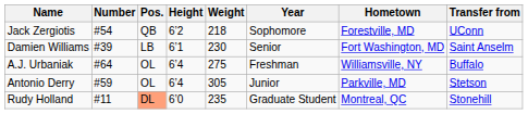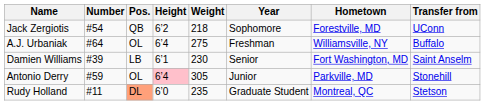 <table class="wikitable sortable">
 <tr>
 <th style="text-align:center; ">Name</th>
 <th style="text-align:center; ">Number</th>
 <th style="text-align:center; ">Pos.</th>
 <th style="text-align:center; ">Height</th>
 <th style="text-align:center; ">Weight</th>
 <th style="text-align:center; ">Year</th>
 <th style="text-align:center; ">Hometown</th>
 <th style="text-align:center; ">Transfer from</th>
 </tr>
 <tr>
 <td>Jack Zergiotis</td>
 <td>#54</td>
 <td>QB</td>
 <td>6’2</td>
 <td>218</td>
 <td>Sophomore</td>
 <td><a href='#'>Forestville, MD</a></td>
 <td><a href='#'>UConn</a></td>
 </tr>
 <tr>
+<td>A.J. Urbaniak</td>
+<td>#64</td>
+<td>OL</td>
+<td>6’4</td>
+<td>275</td>
+<td> Freshman</td>
+<td><a href='#'>Williamsville, NY</a></td>
+<td><a href='#'>Buffalo</a></td>
+</tr>
+<tr>
 <td>Damien Williams</td>
 <td>#39</td>
 <td>LB</td>
 <td>6’1</td>
 <td>230</td>
 <td>Senior</td>
 <td><a href='#'>Fort Washington, MD</a></td>
 <td><a href='#'>Saint Anselm</a></td>
 </tr>
 <tr>
-<td>A.J. Urbaniak</td>
-<td>#64</td>
-<td>OL</td>
-<td>6’4</td>
-<td>275</td>
-<td> Freshman</td>
-<td><a href='#'>Williamsville, NY</a></td>
-<td><a href='#'>Buffalo</a></td>
-</tr>
-<tr>
 <td>Antonio Derry</td>
 <td>#59</td>
 <td>OL</td>
-<td>6’4</td>
+<td style="background: pink;">6’4</td>
 <td>305</td>
 <td> Junior</td>
 <td><a href='#'>Parkville, MD</a></td>
-<td><a href='#'>Stetson</a></td>
+<td><a href='#'>Stonehill</a></td>
 </tr>
 <tr>
 <td>Rudy Holland</td>
 <td>#11</td>
 <td style="background: lightsalmon;">DL</td>
 <td>6’0</td>
 <td>235</td>
 <td>Graduate Student</td>
 <td><a href='#'>Montreal, QC</a></td>
-<td><a href='#'>Stonehill</a></td>
+<td><a href='#'>Stetson</a></td>
 </tr>
 </table>
